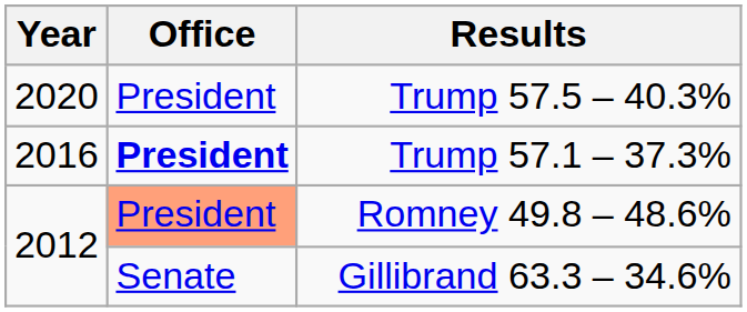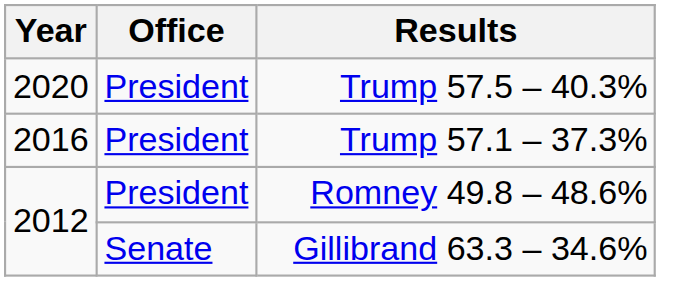 <table class=wikitable>
 <tr>
 <th width="30">Year</th>
 <th width="60">Office</th>
 <th width="180">Results</th>
 </tr>
 <tr>
 <td>2020</td>
 <td><a href='#'>President</a></td>
 <td align="right" ><a href='#'>Trump</a> 57.5 – 40.3%</td>
 </tr>
 <tr>
 <td>2016</td>
-<td><strong><a href='#'>President</a></strong></td>
+<td><a href='#'>President</a></td>
 <td align="right" ><a href='#'>Trump</a> 57.1 – 37.3%</td>
 </tr>
 <tr>
 <td rowspan="2">2012</td>
-<td style="background: lightsalmon;"><a href='#'>President</a></td>
+<td><a href='#'>President</a></td>
 <td align="right" ><a href='#'>Romney</a> 49.8 – 48.6%</td>
 </tr>
 <tr>
 <td><a href='#'>Senate</a></td>
 <td align="right" ><a href='#'>Gillibrand</a> 63.3 – 34.6%</td>
 </tr>
 </table>
